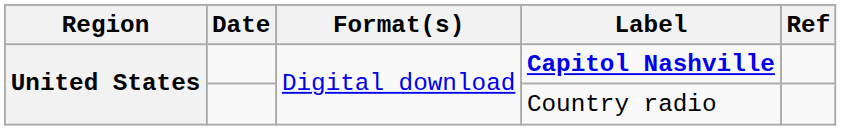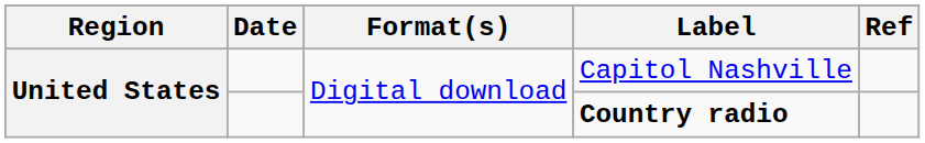 <table class="wikitable plainrowheaders">
 <tr>
 <th scope="col">Region</th>
 <th scope="col">Date</th>
 <th scope="col">Format(s)</th>
 <th scope="col">Label</th>
 <th scope="col">Ref</th>
 </tr>
 <tr>
 <th scope="row" rowspan="2">United States</th>
 <td></td>
 <td rowspan="2"><a href='#'>Digital download</a></td>
-<td><strong><a href='#'>Capitol Nashville</a></strong></td>
+<td><a href='#'>Capitol Nashville</a></td>
 <td></td>
 </tr>
 <tr>
 <td></td>
-<td>Country radio</td>
+<td><strong>Country radio</strong></td>
 <td></td>
 </tr>
 </table>
